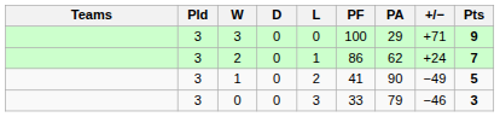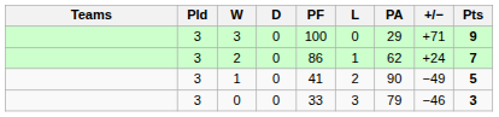 <table class="wikitable" style="text-align: center;">
 <tr>
 <th width="200">Teams</th>
 <th width="40">Pld</th>
 <th width="40">W</th>
 <th width="40">D</th>
+<th width="40">PF</th>
 <th width="40">L</th>
-<th width="40">PF</th>
 <th width="40">PA</th>
 <th width="40">+/−</th>
 <th width="40">Pts</th>
 </tr>
 <tr bgcolor=ccffcc>
 <td align=left></td>
 <td>3</td>
 <td>3</td>
 <td>0</td>
+<td>100</td>
 <td>0</td>
-<td>100</td>
 <td>29</td>
 <td>+71</td>
 <td><strong>9</strong></td>
 </tr>
 <tr bgcolor=ccffcc>
 <td align=left></td>
 <td>3</td>
 <td>2</td>
 <td>0</td>
+<td>86</td>
 <td>1</td>
-<td>86</td>
 <td>62</td>
 <td>+24</td>
 <td><strong>7</strong></td>
 </tr>
 <tr>
 <td align=left></td>
 <td>3</td>
 <td>1</td>
 <td>0</td>
+<td>41</td>
 <td>2</td>
-<td>41</td>
 <td>90</td>
 <td>−49</td>
 <td><strong>5</strong></td>
 </tr>
 <tr>
 <td align=left></td>
 <td>3</td>
 <td>0</td>
 <td>0</td>
+<td>33</td>
 <td>3</td>
-<td>33</td>
 <td>79</td>
 <td>−46</td>
 <td><strong>3</strong></td>
 </tr>
 </table>
